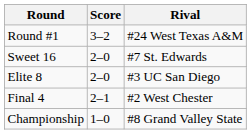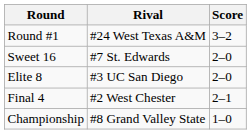 <table class= "wikitable sortable">
 <tr>
 <th width=px>Round</th>
+<th width=px>Rival</th>
 <th width=px>Score</th>
-<th width=px>Rival</th>
 </tr>
 <tr>
 <td>Round #1</td>
+<td>#24 West Texas A&M</td>
 <td>3–2 </td>
-<td>#24 West Texas A&M</td>
 </tr>
 <tr>
 <td>Sweet 16</td>
+<td>#7 St. Edwards</td>
 <td>2–0</td>
-<td>#7 St. Edwards</td>
 </tr>
 <tr>
 <td>Elite 8</td>
+<td>#3 UC San Diego</td>
 <td>2–0</td>
-<td>#3 UC San Diego</td>
 </tr>
 <tr>
 <td>Final 4</td>
+<td>#2 West Chester</td>
 <td>2–1 </td>
-<td>#2 West Chester</td>
 </tr>
 <tr>
 <td>Championship</td>
+<td>#8 Grand Valley State</td>
 <td>1–0 </td>
-<td>#8 Grand Valley State</td>
 </tr>
 </table>
